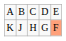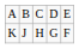 <table class="wikitable">
 <tr>
 <td>A</td>
 <td>B</td>
 <td>C</td>
 <td>D</td>
 <td>E</td>
 </tr>
 <tr>
 <td>K</td>
 <td>J</td>
 <td>H</td>
 <td>G</td>
-<td style="background: lightsalmon;">F</td>
+<td>F</td>
 </tr>
 </table>
